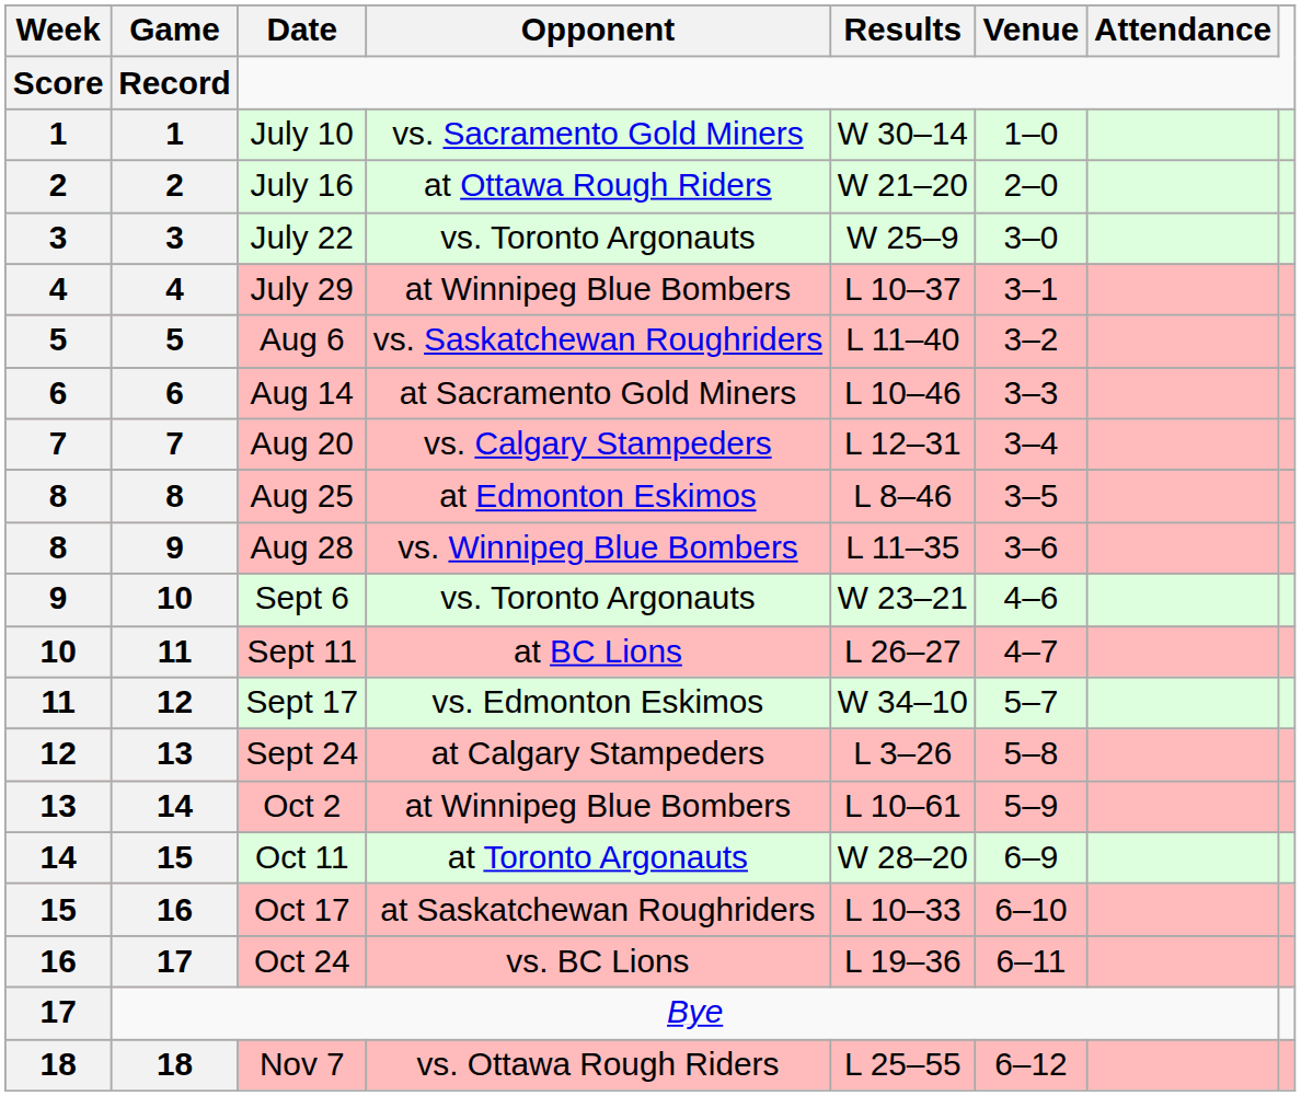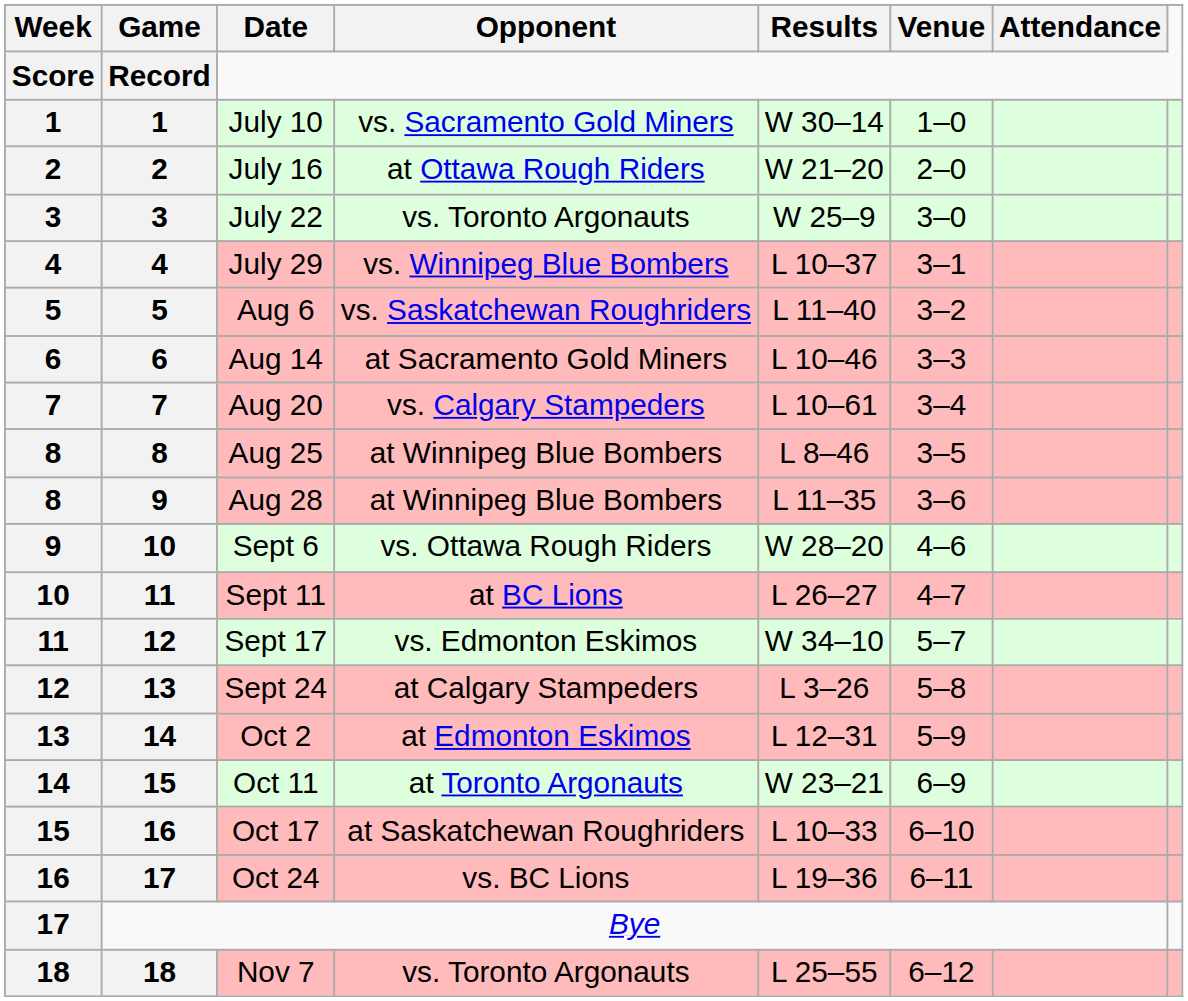 <table class="wikitable" style="text-align:center">
 <tr>
 <th>Week</th>
 <th>Game</th>
 <th>Date</th>
 <th>Opponent</th>
 <th>Results</th>
 <th>Venue</th>
 <th>Attendance</th>
 </tr>
 <tr>
 <th>Score</th>
 <th>Record</th>
 </tr>
 <tr style="background:#ddffdd">
 <th>1</th>
 <th>1</th>
 <td>July 10</td>
 <td>vs. <a href='#'>Sacramento Gold Miners</a></td>
 <td>W 30–14</td>
 <td>1–0</td>
 <td></td>
 <td></td>
 </tr>
 <tr style="background:#ddffdd">
 <th>2</th>
 <th>2</th>
 <td>July 16</td>
 <td>at <a href='#'>Ottawa Rough Riders</a></td>
 <td>W 21–20</td>
 <td>2–0</td>
 <td></td>
 <td></td>
 </tr>
 <tr style="background:#ddffdd">
 <th>3</th>
 <th>3</th>
 <td>July 22</td>
 <td>vs. Toronto Argonauts</td>
 <td>W 25–9</td>
 <td>3–0</td>
 <td></td>
 <td></td>
 </tr>
 <tr style="background:#ffbbbb">
 <th>4</th>
 <th>4</th>
 <td>July 29</td>
-<td>at Winnipeg Blue Bombers</td>
+<td>vs. <a href='#'>Winnipeg Blue Bombers</a></td>
 <td>L 10–37</td>
 <td>3–1</td>
 <td></td>
 <td></td>
 </tr>
 <tr style="background:#ffbbbb">
 <th>5</th>
 <th>5</th>
 <td>Aug 6</td>
 <td>vs. <a href='#'>Saskatchewan Roughriders</a></td>
 <td>L 11–40</td>
 <td>3–2</td>
 <td></td>
 <td></td>
 </tr>
 <tr style="background:#ffbbbb">
 <th>6</th>
 <th>6</th>
 <td>Aug 14</td>
 <td>at Sacramento Gold Miners</td>
 <td>L 10–46</td>
 <td>3–3</td>
 <td></td>
 <td></td>
 </tr>
 <tr style="background:#ffbbbb">
 <th>7</th>
 <th>7</th>
 <td>Aug 20</td>
 <td>vs. <a href='#'>Calgary Stampeders</a></td>
-<td>L 12–31</td>
+<td>L 10–61</td>
 <td>3–4</td>
 <td></td>
 <td></td>
 </tr>
 <tr style="background:#ffbbbb">
 <th>8</th>
 <th>8</th>
 <td>Aug 25</td>
-<td>at <a href='#'>Edmonton Eskimos</a></td>
+<td>at Winnipeg Blue Bombers</td>
 <td>L 8–46</td>
 <td>3–5</td>
 <td></td>
 <td></td>
 </tr>
 <tr style="background:#ffbbbb">
 <th>8</th>
 <th>9</th>
 <td>Aug 28</td>
-<td>vs. <a href='#'>Winnipeg Blue Bombers</a></td>
+<td>at Winnipeg Blue Bombers</td>
 <td>L 11–35</td>
 <td>3–6</td>
 <td></td>
 <td></td>
 </tr>
 <tr style="background:#ddffdd">
 <th>9</th>
 <th>10</th>
 <td>Sept 6</td>
-<td>vs. Toronto Argonauts</td>
-<td>W 23–21</td>
+<td>vs. Ottawa Rough Riders</td>
+<td>W 28–20</td>
 <td>4–6</td>
 <td></td>
 <td></td>
 </tr>
 <tr style="background:#ffbbbb">
 <th>10</th>
 <th>11</th>
 <td>Sept 11</td>
 <td>at <a href='#'>BC Lions</a></td>
 <td>L 26–27</td>
 <td>4–7</td>
 <td></td>
 <td></td>
 </tr>
 <tr style="background:#ddffdd">
 <th>11</th>
 <th>12</th>
 <td>Sept 17</td>
 <td>vs. Edmonton Eskimos</td>
 <td>W 34–10</td>
 <td>5–7</td>
 <td></td>
 <td></td>
 </tr>
 <tr style="background:#ffbbbb">
 <th>12</th>
 <th>13</th>
 <td>Sept 24</td>
 <td>at Calgary Stampeders</td>
 <td>L 3–26</td>
 <td>5–8</td>
 <td></td>
 <td></td>
 </tr>
 <tr style="background:#ffbbbb">
 <th>13</th>
 <th>14</th>
 <td>Oct 2</td>
-<td>at Winnipeg Blue Bombers</td>
-<td>L 10–61</td>
+<td>at <a href='#'>Edmonton Eskimos</a></td>
+<td>L 12–31</td>
 <td>5–9</td>
 <td></td>
 <td></td>
 </tr>
 <tr style="background:#ddffdd">
 <th>14</th>
 <th>15</th>
 <td>Oct 11</td>
 <td>at <a href='#'>Toronto Argonauts</a></td>
-<td>W 28–20</td>
+<td>W 23–21</td>
 <td>6–9</td>
 <td></td>
 <td></td>
 </tr>
 <tr style="background:#ffbbbb">
 <th>15</th>
 <th>16</th>
 <td>Oct 17</td>
 <td>at Saskatchewan Roughriders</td>
 <td>L 10–33</td>
 <td>6–10</td>
 <td></td>
 <td></td>
 </tr>
 <tr style="background:#ffbbbb">
 <th>16</th>
 <th>17</th>
 <td>Oct 24</td>
 <td>vs. BC Lions</td>
 <td>L 19–36</td>
 <td>6–11</td>
 <td></td>
 <td></td>
 </tr>
 <tr>
 <th>17</th>
 <td colspan="6"><em><a href='#'>Bye</a></em></td>
 </tr>
 <tr align="center" bgcolor="#ffbbbb">
 <th>18</th>
 <th>18</th>
 <td>Nov 7</td>
-<td>vs. Ottawa Rough Riders</td>
+<td>vs. Toronto Argonauts</td>
 <td>L 25–55</td>
 <td>6–12</td>
 <td></td>
 <td></td>
 </tr>
 </table>
